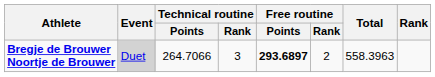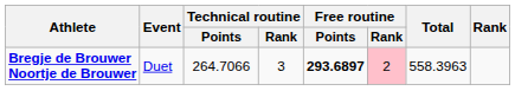 <table class="wikitable" style="font-size:90%">
 <tr>
 <th rowspan="2">Athlete</th>
 <th rowspan="2">Event</th>
 <th colspan=2>Technical routine</th>
 <th colspan=2>Free routine</th>
 <th rowspan="2">Total</th>
 <th rowspan="2">Rank</th>
 </tr>
 <tr style="font-size:95%">
 <th>Points</th>
 <th>Rank</th>
 <th>Points</th>
 <th>Rank</th>
 </tr>
 <tr align=center>
 <td align=left><strong><a href='#'>Bregje de Brouwer</a><br><a href='#'>Noortje de Brouwer</a></strong></td>
-<td align=left style="background: lightgrey;"><a href='#'>Duet</a></td>
+<td align=left><a href='#'>Duet</a></td>
 <td>264.7066</td>
 <td>3</td>
 <td><strong>293.6897</strong></td>
-<td>2</td>
+<td style="background: pink;">2</td>
 <td>558.3963</td>
 <td></td>
 </tr>
 </table>
